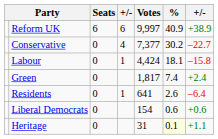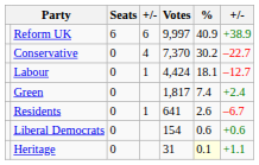 <table class="wikitable">
 <tr>
 <th colspan="2">Party</th>
 <th>Seats</th>
 <th>+/-</th>
 <th>Votes</th>
 <th>%</th>
 <th>+/-</th>
 </tr>
 <tr>
 <td style="background-color: "></td>
 <td><a href='#'>Reform UK</a></td>
 <td>6</td>
 <td> 6</td>
 <td>9,997</td>
 <td>40.9</td>
 <td style="color:green">+38.9</td>
 </tr>
 <tr>
 <td style="background-color: "></td>
 <td><a href='#'>Conservative</a></td>
 <td>0</td>
 <td> 4</td>
-<td>7,377</td>
+<td>7,370</td>
 <td>30.2</td>
 <td style="color:red">–22.7</td>
 </tr>
 <tr>
 <td style="background-color: "></td>
 <td><a href='#'>Labour</a></td>
 <td>0</td>
 <td> 1</td>
 <td>4,424</td>
 <td>18.1</td>
-<td style="color:red">–15.8</td>
+<td style="color:red">–12.7</td>
 </tr>
 <tr>
 <td style="background-color: "></td>
 <td><a href='#'>Green</a></td>
 <td>0</td>
 <td></td>
 <td>1,817</td>
 <td>7.4</td>
 <td style="color:green">+2.4</td>
 </tr>
 <tr>
 <td style="background-color: "></td>
 <td><a href='#'>Residents</a></td>
 <td>0</td>
 <td> 1</td>
 <td>641</td>
 <td>2.6</td>
-<td style="color:red">–6.4</td>
+<td style="color:red">–6.7</td>
 </tr>
 <tr>
 <td style="background-color: "></td>
 <td><a href='#'>Liberal Democrats</a></td>
 <td>0</td>
 <td></td>
 <td>154</td>
 <td>0.6</td>
 <td style="color:green">+0.6</td>
 </tr>
 <tr>
 <td style="background-color: "></td>
 <td><a href='#'>Heritage</a></td>
 <td>0</td>
 <td></td>
 <td>31</td>
 <td style="background: lightyellow;">0.1</td>
 <td style="color:green">+1.1</td>
 </tr>
 </table>
